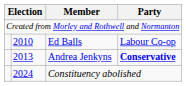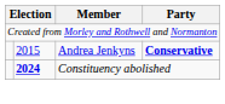 <table class="wikitable">
 <tr>
 <th colspan="2">Election</th>
 <th>Member</th>
 <th>Party</th>
 </tr>
 <tr>
 <td colspan="4" style="font-size: 85%; font-style: italic;">Created from <a href='#'>Morley and Rothwell</a> and <a href='#'>Normanton</a></td>
 </tr>
 <tr>
 <td style="color:inherit;background-color: "></td>
-<td><a href='#'>2010</a></td>
-<td><a href='#'>Ed Balls</a></td>
-<td><a href='#'>Labour Co-op</a></td>
-</tr>
-<tr>
-<td style="color:inherit;background-color: "></td>
-<td><a href='#'>2013</a></td>
+<td><a href='#'>2015</a></td>
 <td><a href='#'>Andrea Jenkyns</a></td>
 <td><strong><a href='#'>Conservative</a></strong></td>
 </tr>
 <tr>
 <td></td>
-<td><a href='#'>2024</a></td>
+<td><strong><a href='#'>2024</a></strong></td>
 <td colspan="2"><em>Constituency abolished</em></td>
 </tr>
 </table>
